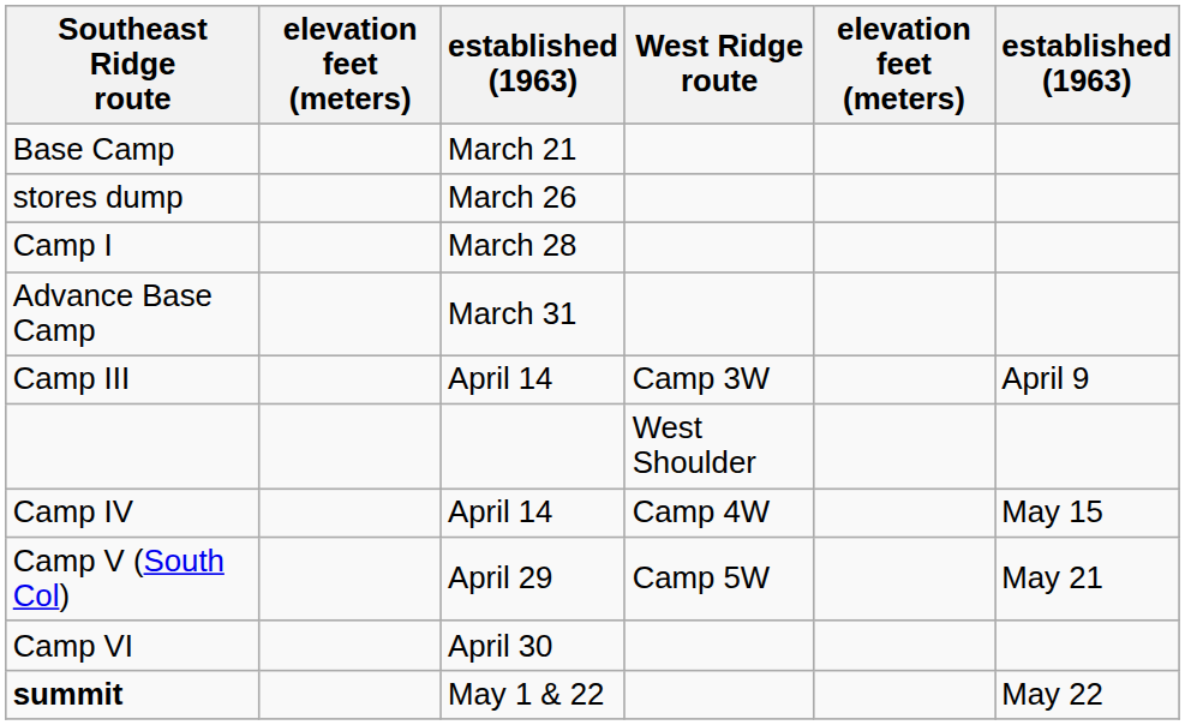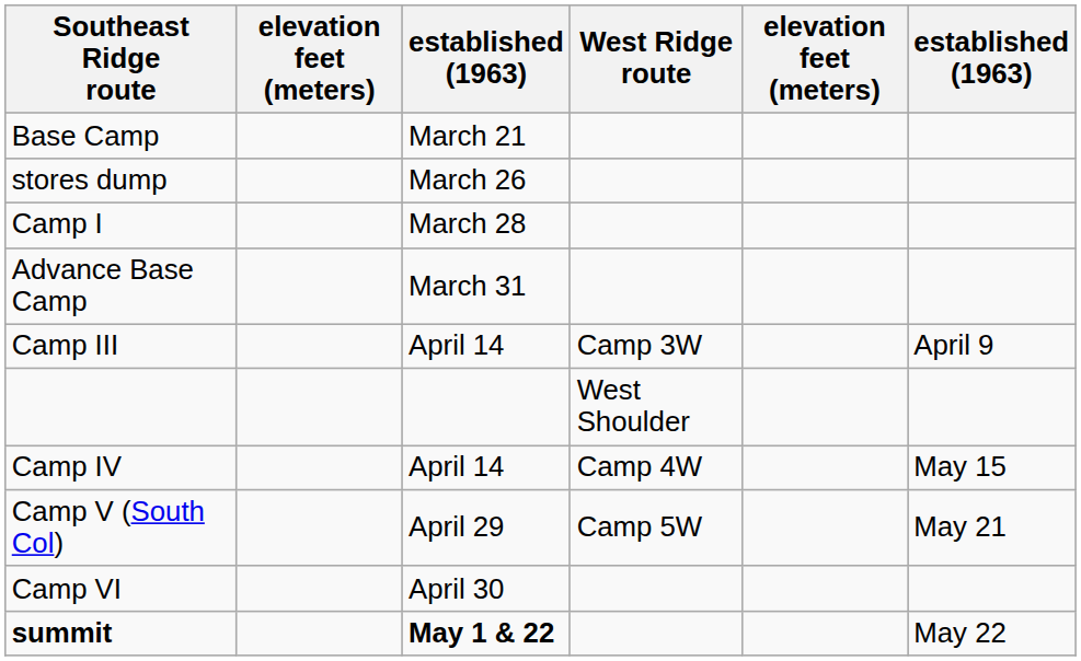 <table class="wikitable">
 <tr>
 <th>Southeast Ridge<br>route</th>
 <th>elevation<br>feet (meters)</th>
 <th>established<br>(1963)</th>
 <th>West Ridge<br>route</th>
 <th>elevation<br>feet (meters)</th>
 <th>established<br>(1963)</th>
 </tr>
 <tr>
 <td>Base Camp</td>
 <td></td>
 <td>March 21</td>
 <td></td>
 <td></td>
 <td></td>
 </tr>
 <tr>
 <td>stores dump</td>
 <td></td>
 <td>March 26</td>
 <td></td>
 <td></td>
 <td></td>
 </tr>
 <tr>
 <td>Camp I</td>
 <td></td>
 <td>March 28</td>
 <td></td>
 <td></td>
 </tr>
 <tr>
 <td>Advance Base Camp</td>
 <td></td>
 <td>March 31</td>
 <td></td>
 <td></td>
 <td></td>
 </tr>
 <tr>
 <td>Camp III</td>
 <td></td>
 <td>April 14</td>
 <td>Camp 3W</td>
 <td></td>
 <td>April 9</td>
 </tr>
 <tr>
 <td></td>
 <td></td>
 <td></td>
 <td>West Shoulder</td>
 <td></td>
 <td></td>
 </tr>
 <tr>
 <td>Camp IV</td>
 <td></td>
 <td>April 14</td>
 <td>Camp 4W</td>
 <td></td>
 <td>May 15</td>
 </tr>
 <tr>
 <td>Camp V (<a href='#'>South Col</a>)</td>
 <td></td>
 <td>April 29</td>
 <td>Camp 5W</td>
 <td></td>
 <td>May 21</td>
 </tr>
 <tr>
 <td>Camp VI</td>
 <td></td>
 <td>April 30</td>
 <td></td>
 <td></td>
 <td></td>
 </tr>
 <tr>
 <td><strong>summit</strong></td>
 <td></td>
-<td>May 1 & 22</td>
+<td><strong>May 1 & 22</strong></td>
 <td></td>
 <td></td>
 <td>May 22</td>
 </tr>
 </table>
